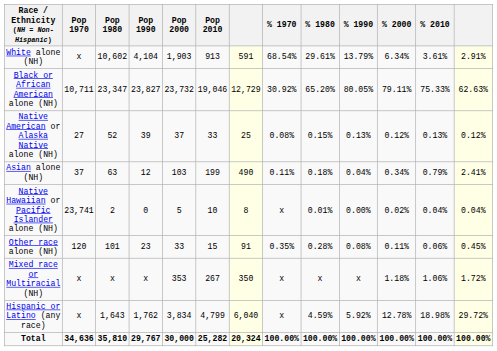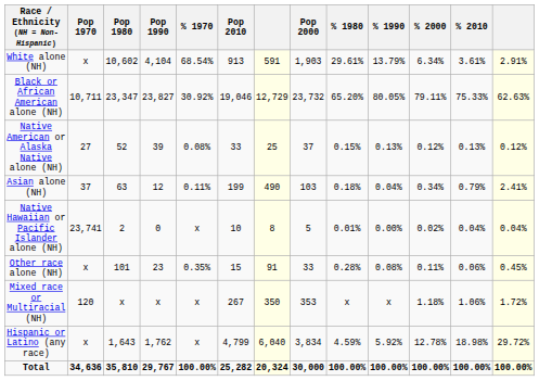 <table class="wikitable" style="text-align:center;">
 <tr>
 <th>Race / Ethnicity <small>(<em>NH = Non-Hispanic</em>)</small></th>
 <th>Pop 1970</th>
 <th>Pop 1980</th>
 <th>Pop 1990</th>
-<th>Pop 2000</th>
+<th>% 1970</th>
 <th>Pop 2010</th>
 <th></th>
-<th>% 1970</th>
+<th>Pop 2000</th>
 <th>% 1980</th>
 <th>% 1990</th>
 <th>% 2000</th>
 <th>% 2010</th>
 <th></th>
 </tr>
 <tr>
 <td><a href='#'>White</a> alone (NH)</td>
 <td x>x </td>
 <td>10,602</td>
 <td>4,104</td>
-<td>1,903</td>
+<td>68.54%</td>
 <td>913</td>
 <td style='background: #ffffe6;'>591</td>
-<td>68.54%</td>
+<td>1,903</td>
 <td>29.61%</td>
 <td>13.79%</td>
 <td>6.34%</td>
 <td>3.61%</td>
 <td style='background: #ffffe6;'>2.91%</td>
 </tr>
 <tr>
 <td><a href='#'>Black or African American</a> alone (NH)</td>
 <td>10,711</td>
 <td>23,347</td>
 <td>23,827</td>
-<td>23,732</td>
+<td>30.92%</td>
 <td>19,046</td>
 <td style='background: #ffffe6;'>12,729</td>
-<td>30.92%</td>
+<td>23,732</td>
 <td>65.20%</td>
 <td>80.05%</td>
 <td>79.11%</td>
 <td>75.33%</td>
 <td style='background: #ffffe6;'>62.63%</td>
 </tr>
 <tr>
 <td><a href='#'>Native American</a> or <a href='#'>Alaska Native</a> alone (NH)</td>
 <td>27</td>
 <td>52 </td>
 <td>39</td>
-<td>37</td>
+<td>0.08%</td>
 <td>33</td>
 <td style='background: #ffffe6;'>25</td>
-<td>0.08%</td>
+<td>37</td>
 <td>0.15%</td>
 <td>0.13%</td>
 <td>0.12%</td>
 <td>0.13%</td>
 <td style='background: #ffffe6;'>0.12%</td>
 </tr>
 <tr>
 <td><a href='#'>Asian</a> alone (NH)</td>
 <td>37 </td>
 <td>63 </td>
 <td>12</td>
-<td>103</td>
+<td>0.11%</td>
 <td>199</td>
 <td style='background: #ffffe6;'>490</td>
-<td>0.11%</td>
+<td>103</td>
 <td>0.18%</td>
 <td>0.04%</td>
 <td>0.34%</td>
 <td>0.79%</td>
 <td style='background: #ffffe6;'>2.41%</td>
 </tr>
 <tr>
 <td><a href='#'>Native Hawaiian</a> or <a href='#'>Pacific Islander</a> alone (NH)</td>
 <td>23,741</td>
 <td>2 </td>
 <td>0</td>
-<td>5</td>
+<td>x</td>
 <td>10</td>
 <td style='background: #ffffe6;'>8</td>
-<td>x</td>
+<td>5</td>
 <td>0.01%</td>
 <td>0.00%</td>
 <td>0.02%</td>
 <td>0.04%</td>
 <td style='background: #ffffe6;'>0.04%</td>
 </tr>
 <tr>
 <td><a href='#'>Other race</a> alone (NH)</td>
-<td>120</td>
+<td>x </td>
 <td>101 </td>
 <td>23</td>
-<td>33</td>
+<td>0.35%</td>
 <td>15</td>
 <td style='background: #ffffe6;'>91</td>
-<td>0.35%</td>
+<td>33</td>
 <td>0.28%</td>
 <td>0.08%</td>
 <td>0.11%</td>
 <td>0.06%</td>
 <td style='background: #ffffe6;'>0.45%</td>
 </tr>
 <tr>
 <td><a href='#'>Mixed race or Multiracial</a> (NH)</td>
+<td>120</td>
 <td>x </td>
 <td>x </td>
-<td>x </td>
-<td>353</td>
+<td>x</td>
 <td>267</td>
 <td style='background: #ffffe6;'>350</td>
-<td>x</td>
+<td>353</td>
 <td>x</td>
 <td>x</td>
 <td>1.18%</td>
 <td>1.06%</td>
 <td style='background: #ffffe6;'>1.72%</td>
 </tr>
 <tr>
 <td><a href='#'>Hispanic or Latino</a> (any race)</td>
 <td>x </td>
 <td>1,643</td>
 <td>1,762</td>
-<td>3,834</td>
+<td>x</td>
 <td>4,799</td>
 <td style='background: #ffffe6;'>6,040</td>
-<td>x</td>
+<td>3,834</td>
 <td>4.59%</td>
 <td>5.92%</td>
 <td>12.78%</td>
 <td>18.98%</td>
 <td style='background: #ffffe6;'>29.72%</td>
 </tr>
 <tr>
 <td><strong>Total</strong></td>
 <td><strong>34,636</strong></td>
 <td><strong>35,810</strong></td>
 <td><strong>29,767</strong></td>
-<td><strong>30,000</strong></td>
+<td><strong>100.00%</strong></td>
 <td><strong>25,282</strong></td>
 <td style='background: #ffffe6;'><strong>20,324</strong></td>
-<td><strong>100.00%</strong></td>
+<td><strong>30,000</strong></td>
 <td><strong>100.00%</strong></td>
 <td><strong>100.00%</strong></td>
 <td><strong>100.00%</strong></td>
 <td><strong>100.00%</strong></td>
 <td style='background: #ffffe6;'><strong>100.00%</strong></td>
 </tr>
 </table>
